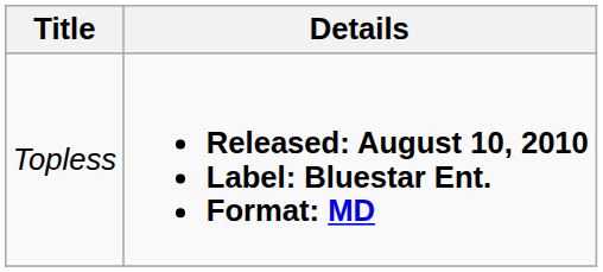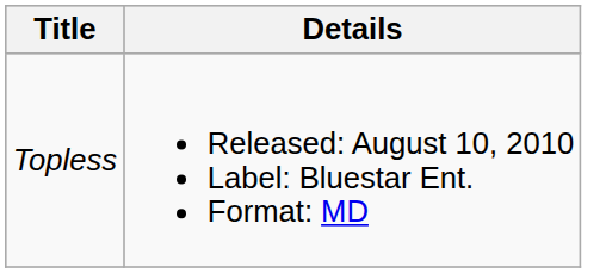 <table class="wikitable">
 <tr>
 <th align=center>Title</th>
 <th align=center>Details</th>
 </tr>
 <tr>
 <td><em>Topless</em></td>
-<td><strong><br><ul><li>Released: August 10, 2010</li><li>Label: Bluestar Ent.</li><li>Format: <a href='#'>MD</a></li></ul></strong></td>
+<td><br><ul><li>Released: August 10, 2010</li><li>Label: Bluestar Ent.</li><li>Format: <a href='#'>MD</a></li></ul></td>
 </tr>
 </table>
